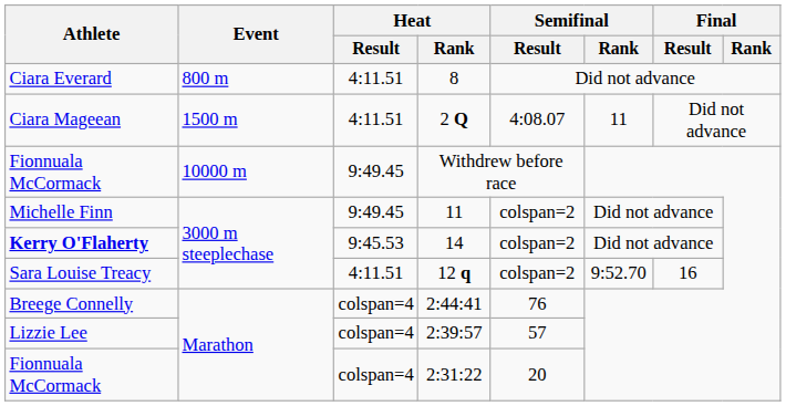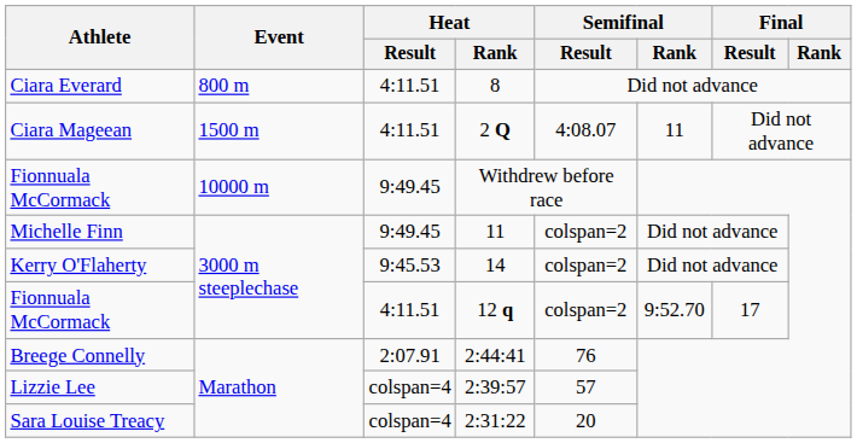 <table class="wikitable" style="font-size:90%">
 <tr>
 <th rowspan="2">Athlete</th>
 <th rowspan="2">Event</th>
 <th colspan="2">Heat</th>
 <th colspan="2">Semifinal</th>
 <th colspan="2">Final</th>
 </tr>
 <tr style="font-size:95%">
 <th>Result</th>
 <th>Rank</th>
 <th>Result</th>
 <th>Rank</th>
 <th>Result</th>
 <th>Rank</th>
 </tr>
 <tr align=center>
 <td align=left><a href='#'>Ciara Everard</a></td>
 <td align=left><a href='#'>800 m</a></td>
 <td>4:11.51</td>
 <td>8</td>
 <td colspan="4">Did not advance</td>
 </tr>
 <tr align=center>
 <td align=left><a href='#'>Ciara Mageean</a></td>
 <td align=left><a href='#'>1500 m</a></td>
 <td>4:11.51</td>
 <td>2 <strong>Q</strong></td>
 <td>4:08.07</td>
 <td>11</td>
 <td colspan=2>Did not advance</td>
 </tr>
 <tr align=center>
 <td align=left><a href='#'>Fionnuala McCormack</a></td>
 <td align=left><a href='#'>10000 m</a></td>
 <td>9:49.45</td>
 <td colspan=2>Withdrew before race</td>
 </tr>
 <tr align=center>
 <td align=left><a href='#'>Michelle Finn</a></td>
 <td align=left rowspan=3><a href='#'>3000 m steeplechase</a></td>
 <td>9:49.45</td>
 <td>11</td>
 <td>colspan=2 </td>
 <td colspan=2>Did not advance</td>
 </tr>
 <tr align=center>
-<td align=left><strong><a href='#'>Kerry O'Flaherty</a></strong></td>
+<td align=left><a href='#'>Kerry O'Flaherty</a></td>
 <td>9:45.53</td>
 <td>14</td>
 <td>colspan=2 </td>
 <td colspan=2>Did not advance</td>
 </tr>
 <tr align=center>
-<td align=left><a href='#'>Sara Louise Treacy</a></td>
+<td align=left><a href='#'>Fionnuala McCormack</a></td>
 <td>4:11.51</td>
 <td>12 <strong>q</strong></td>
 <td>colspan=2 </td>
 <td>9:52.70</td>
-<td>16</td>
+<td>17</td>
 </tr>
 <tr align=center>
 <td align=left><a href='#'>Breege Connelly</a></td>
 <td align=left rowspan=3><a href='#'>Marathon</a></td>
-<td>colspan=4 </td>
+<td>2:07.91</td>
 <td>2:44:41</td>
 <td>76</td>
 </tr>
 <tr align=center>
 <td align=left><a href='#'>Lizzie Lee</a></td>
 <td>colspan=4 </td>
 <td>2:39:57</td>
 <td>57</td>
 </tr>
 <tr align=center>
-<td align=left><a href='#'>Fionnuala McCormack</a></td>
+<td align=left><a href='#'>Sara Louise Treacy</a></td>
 <td>colspan=4 </td>
 <td>2:31:22</td>
 <td>20</td>
 </tr>
 </table>
